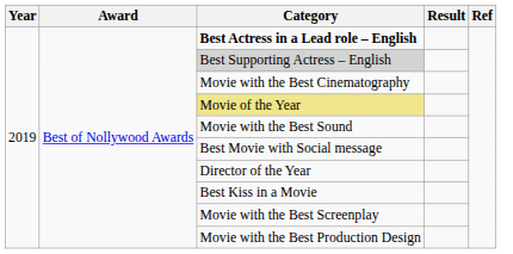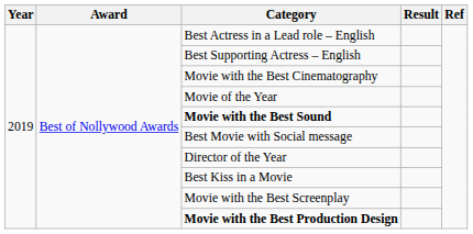 <table class="wikitable">
 <tr>
 <th>Year</th>
 <th>Award</th>
 <th>Category</th>
 <th>Result</th>
 <th>Ref</th>
 </tr>
 <tr>
 <td rowspan="10">2019</td>
 <td rowspan="10"><a href='#'>Best of Nollywood Awards</a></td>
-<td><strong>Best Actress in a Lead role – English</strong></td>
+<td>Best Actress in a Lead role – English</td>
 <td></td>
 <td rowspan="10"></td>
 </tr>
 <tr>
-<td style="background: lightgrey;">Best Supporting Actress – English</td>
+<td>Best Supporting Actress – English</td>
 <td></td>
 </tr>
 <tr>
 <td>Movie with the Best Cinematography</td>
 <td></td>
 </tr>
 <tr>
-<td style="background: khaki;">Movie of the Year</td>
+<td>Movie of the Year</td>
 <td></td>
 </tr>
 <tr>
-<td>Movie with the Best Sound</td>
+<td><strong>Movie with the Best Sound</strong></td>
 <td></td>
 </tr>
 <tr>
 <td>Best Movie with Social message</td>
 <td></td>
 </tr>
 <tr>
 <td>Director of the Year</td>
 <td></td>
 </tr>
 <tr>
 <td>Best Kiss in a Movie</td>
 <td></td>
 </tr>
 <tr>
 <td>Movie with the Best Screenplay</td>
 <td></td>
 </tr>
 <tr>
-<td>Movie with the Best Production Design</td>
+<td><strong>Movie with the Best Production Design</strong></td>
 <td></td>
 </tr>
 </table>
